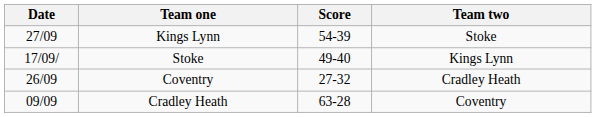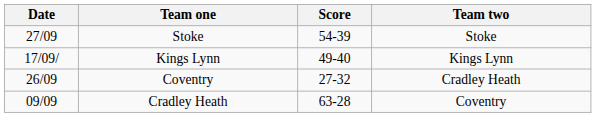 <table class="wikitable" style="text-align: center">
 <tr>
 <th width=80>Date</th>
 <th width=250>Team one</th>
 <th width=80>Score</th>
 <th width=250>Team two</th>
 </tr>
 <tr>
 <td>27/09</td>
-<td>Kings Lynn</td>
+<td>Stoke</td>
 <td>54-39</td>
 <td>Stoke</td>
 </tr>
 <tr>
 <td>17/09/</td>
-<td>Stoke</td>
+<td>Kings Lynn</td>
 <td>49-40</td>
 <td>Kings Lynn</td>
 </tr>
 <tr>
 <td>26/09</td>
 <td>Coventry</td>
 <td>27-32</td>
 <td>Cradley Heath</td>
 </tr>
 <tr>
 <td>09/09</td>
 <td>Cradley Heath</td>
 <td>63-28</td>
 <td>Coventry</td>
 </tr>
 </table>
